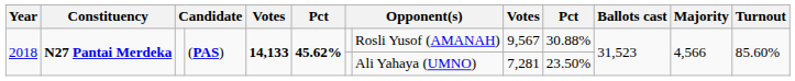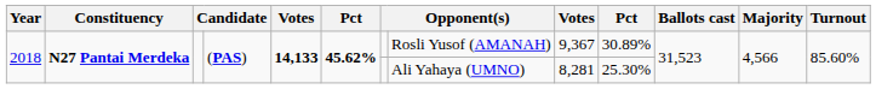 <table class="wikitable" style="margin:0.5em ; font-size:95%">
 <tr>
 <th>Year</th>
 <th>Constituency</th>
 <th colspan=2>Candidate</th>
 <th>Votes</th>
 <th>Pct</th>
 <th colspan=2>Opponent(s)</th>
 <th>Votes</th>
 <th>Pct</th>
 <th>Ballots cast</th>
 <th>Majority</th>
 <th>Turnout</th>
 </tr>
 <tr>
 <td rowspan=2><a href='#'>2018</a></td>
 <td rowspan=2><strong>N27 <a href='#'>Pantai Merdeka</a></strong></td>
 <td rowspan=2 ></td>
 <td rowspan=2> (<a href='#'><strong>PAS</strong></a>)</td>
 <td rowspan=2 align="right"><strong>14,133</strong></td>
 <td rowspan=2><strong>45.62%</strong></td>
 <td></td>
 <td>Rosli Yusof (<a href='#'>AMANAH</a>)</td>
-<td align="right">9,567</td>
-<td>30.88%</td>
+<td align="right">9,367</td>
+<td>30.89%</td>
 <td rowspan=2>31,523</td>
 <td rowspan=2>4,566</td>
 <td rowspan=2>85.60%</td>
 </tr>
 <tr>
 <td></td>
 <td>Ali Yahaya (<a href='#'>UMNO</a>)</td>
-<td align="right">7,281</td>
-<td>23.50%</td>
+<td align="right">8,281</td>
+<td>25.30%</td>
 </tr>
 </table>
